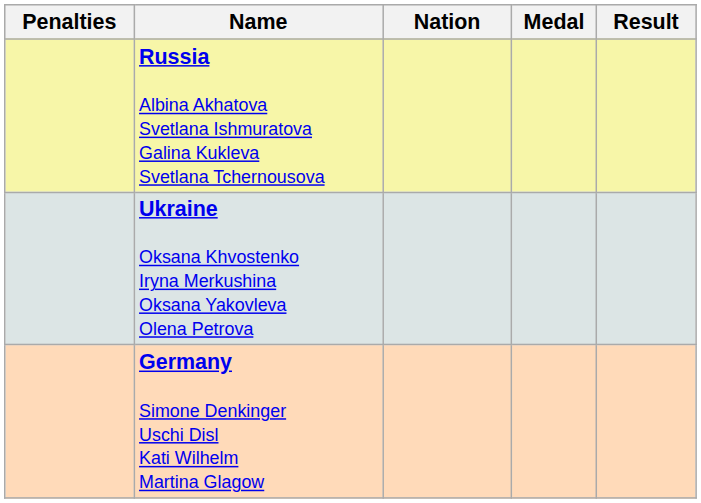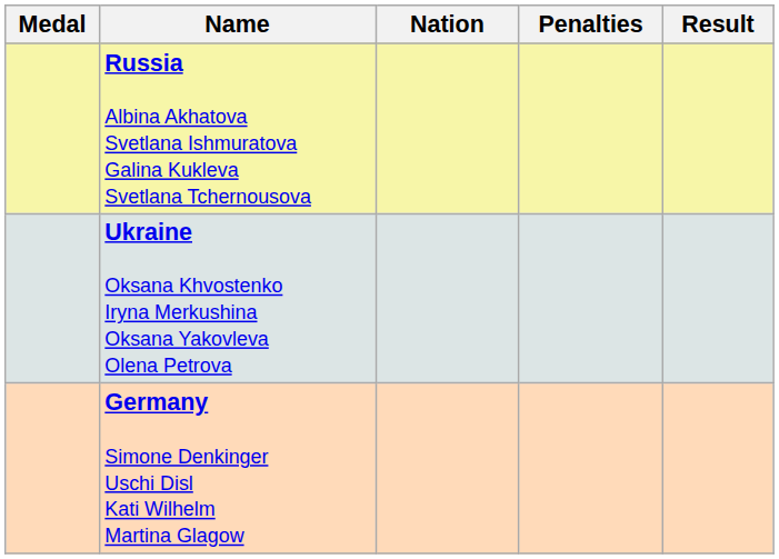 <table class=wikitable style="border:1px solid #AAAAAA;font-size:90%">
 <tr bgcolor="#E4E4E4">
-<th style="border-bottom:1px solid #AAAAAA" width=80>Penalties</th>
+<th style="border-bottom:1px solid #AAAAAA" width=50>Medal</th>
 <th style="border-bottom:1px solid #AAAAAA" width=160>Name</th>
 <th style="border-bottom:1px solid #AAAAAA" width=80>Nation</th>
-<th style="border-bottom:1px solid #AAAAAA" width=50>Medal</th>
+<th style="border-bottom:1px solid #AAAAAA" width=80>Penalties</th>
 <th style="border-bottom:1px solid #AAAAAA" width=60>Result</th>
 </tr>
 <tr bgcolor="#F7F6A8">
 <td align="center"></td>
 <td><strong><a href='#'>Russia</a></strong><br><br><small><a href='#'>Albina Akhatova</a><br><a href='#'>Svetlana Ishmuratova</a><br><a href='#'>Galina Kukleva</a><br><a href='#'>Svetlana Tchernousova</a></small></td>
 <td></td>
 <td align="center"></td>
 <td align="center"></td>
 </tr>
 <tr bgcolor="#DCE5E5">
 <td align="center"></td>
 <td><strong><a href='#'>Ukraine</a></strong><br><br><small><a href='#'>Oksana Khvostenko</a><br><a href='#'>Iryna Merkushina</a><br><a href='#'>Oksana Yakovleva</a><br><a href='#'>Olena Petrova</a></small></td>
 <td></td>
 <td align="center"></td>
 <td align="right"></td>
 </tr>
 <tr bgcolor="#FFDAB9">
 <td align="center"></td>
 <td><strong><a href='#'>Germany</a></strong><br><br><small><a href='#'>Simone Denkinger</a><br><a href='#'>Uschi Disl</a><br><a href='#'>Kati Wilhelm</a><br><a href='#'>Martina Glagow</a></small></td>
 <td></td>
 <td align="center"></td>
 <td align="right"></td>
 </tr>
 </table>
